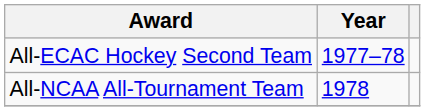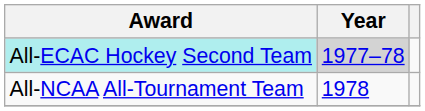 <table class="wikitable">
 <tr>
 <th>Award</th>
 <th>Year</th>
 <th></th>
 </tr>
 <tr>
-<td>All-<a href='#'>ECAC Hockey</a> <a href='#'>Second Team</a></td>
-<td><a href='#'>1977–78</a></td>
+<td style="background: paleturquoise;">All-<a href='#'>ECAC Hockey</a> <a href='#'>Second Team</a></td>
+<td style="background: lightgrey;"><a href='#'>1977–78</a></td>
 <td></td>
 </tr>
 <tr>
 <td>All-<a href='#'>NCAA</a> <a href='#'>All-Tournament Team</a></td>
 <td><a href='#'>1978</a></td>
 <td></td>
 </tr>
 <tr>
 </tr>
 </table>
